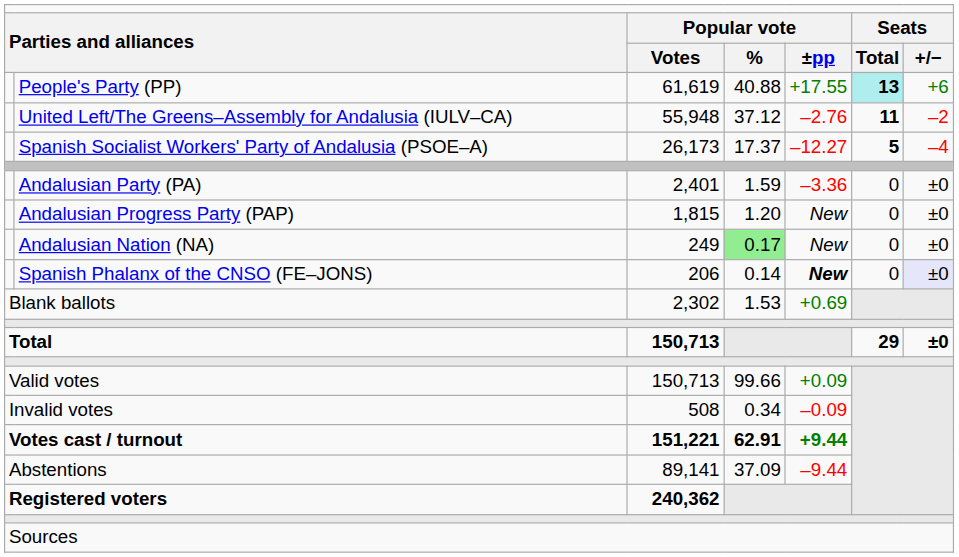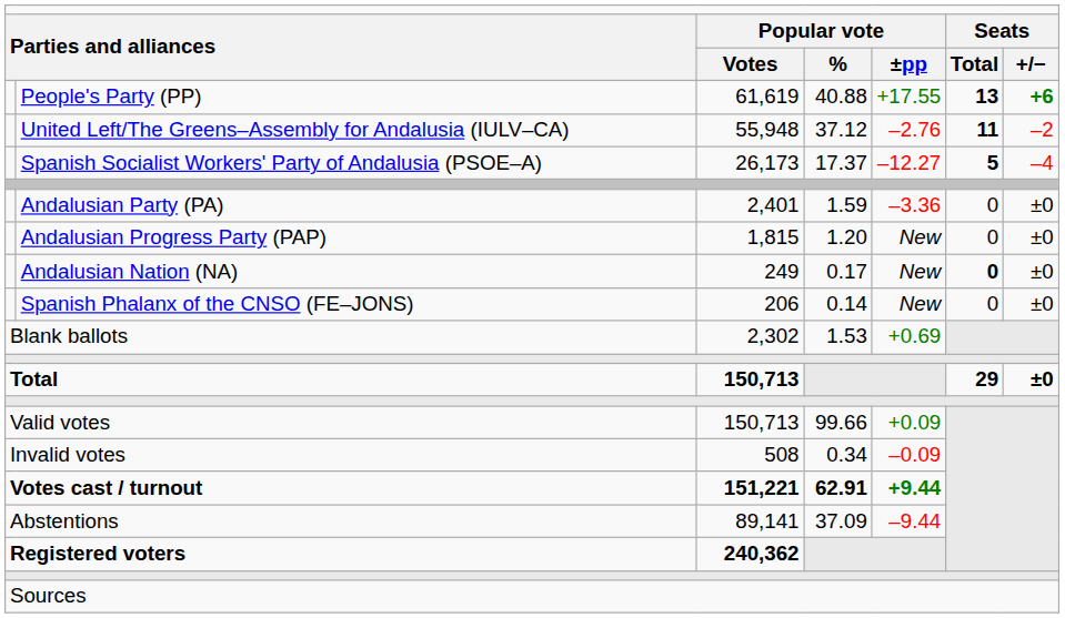 <table class="wikitable" style="text-align:right;">
 <tr>
 <td colspan="7"></td>
 </tr>
 <tr>
 <th style="text-align:left;" rowspan="2" colspan="2" width="525">Parties and alliances</th>
 <th colspan="3">Popular vote</th>
 <th colspan="2">Seats</th>
 </tr>
 <tr>
 <th width="75">Votes</th>
 <th width="45">%</th>
 <th width="45">±<a href='#'>pp</a></th>
 <th width="35">Total</th>
 <th width="35">+/−</th>
 </tr>
 <tr>
 <td width="1" style="color:inherit;background:"></td>
 <td align="left"><a href='#'>People's Party</a> (PP)</td>
 <td>61,619</td>
 <td>40.88</td>
 <td style="color:green;">+17.55</td>
-<td style="background: paleturquoise;"><strong>13</strong></td>
-<td style="color:green;">+6</td>
+<td><strong>13</strong></td>
+<td style="color:green;"><strong>+6</strong></td>
 </tr>
 <tr>
 <td style="color:inherit;background:"></td>
 <td align="left"><a href='#'>United Left/The Greens–Assembly for Andalusia</a> (IULV–CA)</td>
 <td>55,948</td>
 <td>37.12</td>
 <td style="color:red;">–2.76</td>
 <td><strong>11</strong></td>
 <td style="color:red;">–2</td>
 </tr>
 <tr>
 <td style="color:inherit;background:"></td>
 <td align="left"><a href='#'>Spanish Socialist Workers' Party of Andalusia</a> (PSOE–A)</td>
 <td>26,173</td>
 <td>17.37</td>
 <td style="color:red;">–12.27</td>
 <td><strong>5</strong></td>
 <td style="color:red;">–4</td>
 </tr>
 <tr>
 <td colspan="7" bgcolor="#C0C0C0"></td>
 </tr>
 <tr>
 <td style="color:inherit;background:"></td>
 <td align="left"><a href='#'>Andalusian Party</a> (PA)</td>
 <td>2,401</td>
 <td>1.59</td>
 <td style="color:red;">–3.36</td>
 <td>0</td>
 <td>±0</td>
 </tr>
 <tr>
 <td style="color:inherit;background:"></td>
 <td align="left"><a href='#'>Andalusian Progress Party</a> (PAP)</td>
 <td>1,815</td>
 <td>1.20</td>
 <td><em>New</em></td>
 <td>0</td>
 <td>±0</td>
 </tr>
 <tr>
 <td style="color:inherit;background:"></td>
 <td align="left"><a href='#'>Andalusian Nation</a> (NA)</td>
 <td>249</td>
-<td style="background: lightgreen;">0.17</td>
+<td>0.17</td>
 <td><em>New</em></td>
-<td>0</td>
+<td><strong>0</strong></td>
 <td>±0</td>
 </tr>
 <tr>
 <td style="color:inherit;background:"></td>
 <td align="left"><a href='#'>Spanish Phalanx of the CNSO</a> (FE–JONS)</td>
 <td>206</td>
 <td>0.14</td>
-<td><strong><em>New</em></strong></td>
+<td><em>New</em></td>
 <td>0</td>
-<td style="background: lavender;">±0</td>
+<td>±0</td>
 </tr>
 <tr>
 <td align="left" colspan="2">Blank ballots</td>
 <td>2,302</td>
 <td>1.53</td>
 <td style="color:green;">+0.69</td>
 <td bgcolor="#E9E9E9" colspan="2"></td>
 </tr>
 <tr>
 <td colspan="7" bgcolor="#E9E9E9"></td>
 </tr>
 <tr style="font-weight:bold;">
 <td align="left" colspan="2">Total</td>
 <td>150,713</td>
 <td bgcolor="#E9E9E9" colspan="2"></td>
 <td>29</td>
 <td>±0</td>
 </tr>
 <tr>
 <td colspan="7" bgcolor="#E9E9E9"></td>
 </tr>
 <tr>
 <td align="left" colspan="2">Valid votes</td>
 <td>150,713</td>
 <td>99.66</td>
 <td style="color:green;">+0.09</td>
 <td bgcolor="#E9E9E9" colspan="2" rowspan="5"></td>
 </tr>
 <tr>
 <td align="left" colspan="2">Invalid votes</td>
 <td>508</td>
 <td>0.34</td>
 <td style="color:red;">–0.09</td>
 </tr>
 <tr style="font-weight:bold;">
 <td align="left" colspan="2">Votes cast / turnout</td>
 <td>151,221</td>
 <td>62.91</td>
 <td style="color:green;">+9.44</td>
 </tr>
 <tr>
 <td align="left" colspan="2">Abstentions</td>
 <td>89,141</td>
 <td>37.09</td>
 <td style="color:red;">–9.44</td>
 </tr>
 <tr style="font-weight:bold;">
 <td align="left" colspan="2">Registered voters</td>
 <td>240,362</td>
 <td bgcolor="#E9E9E9" colspan="2"></td>
 </tr>
 <tr>
 <td colspan="7" bgcolor="#E9E9E9"></td>
 </tr>
 <tr>
 <td align="left" colspan="7">Sources</td>
 </tr>
 </table>
